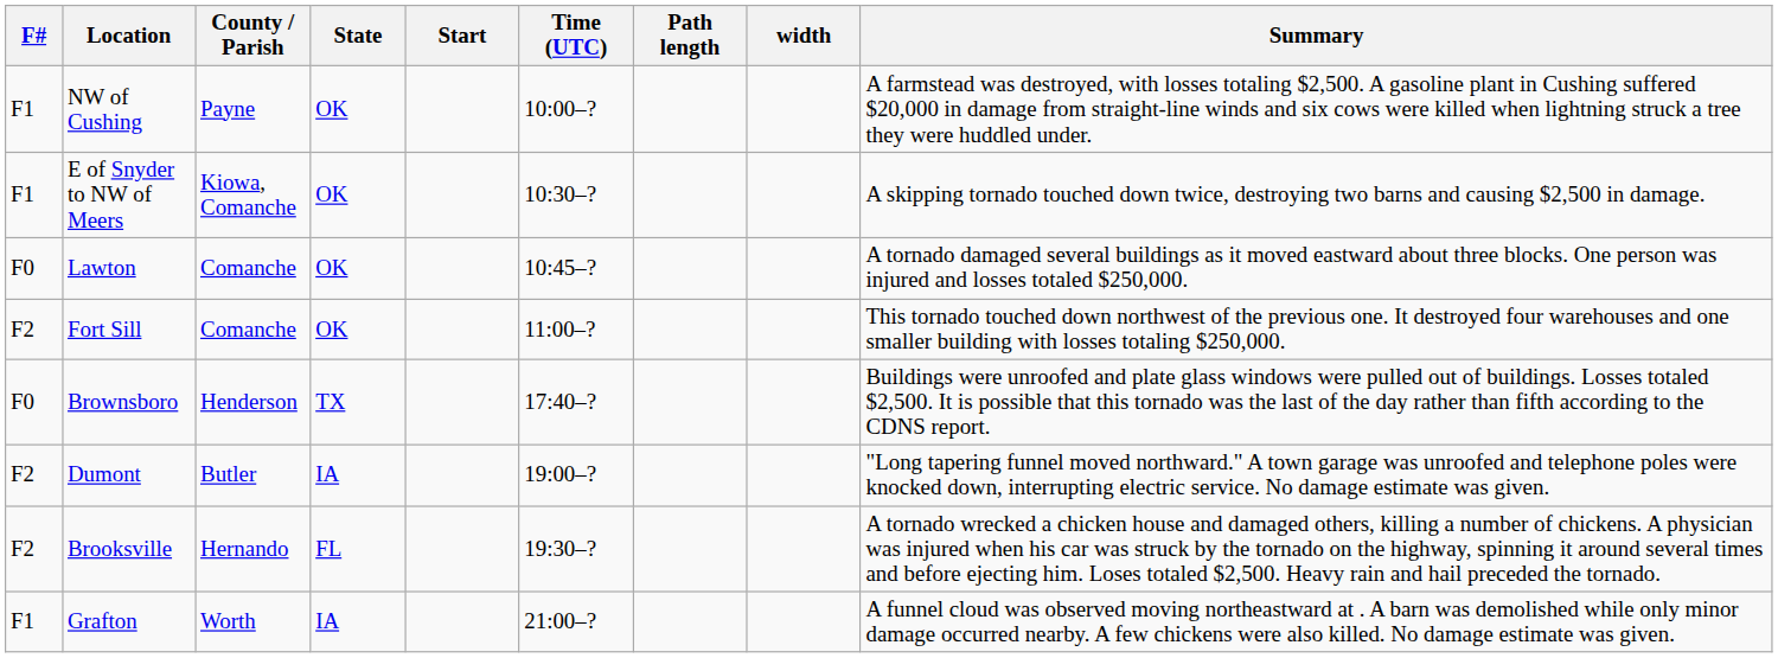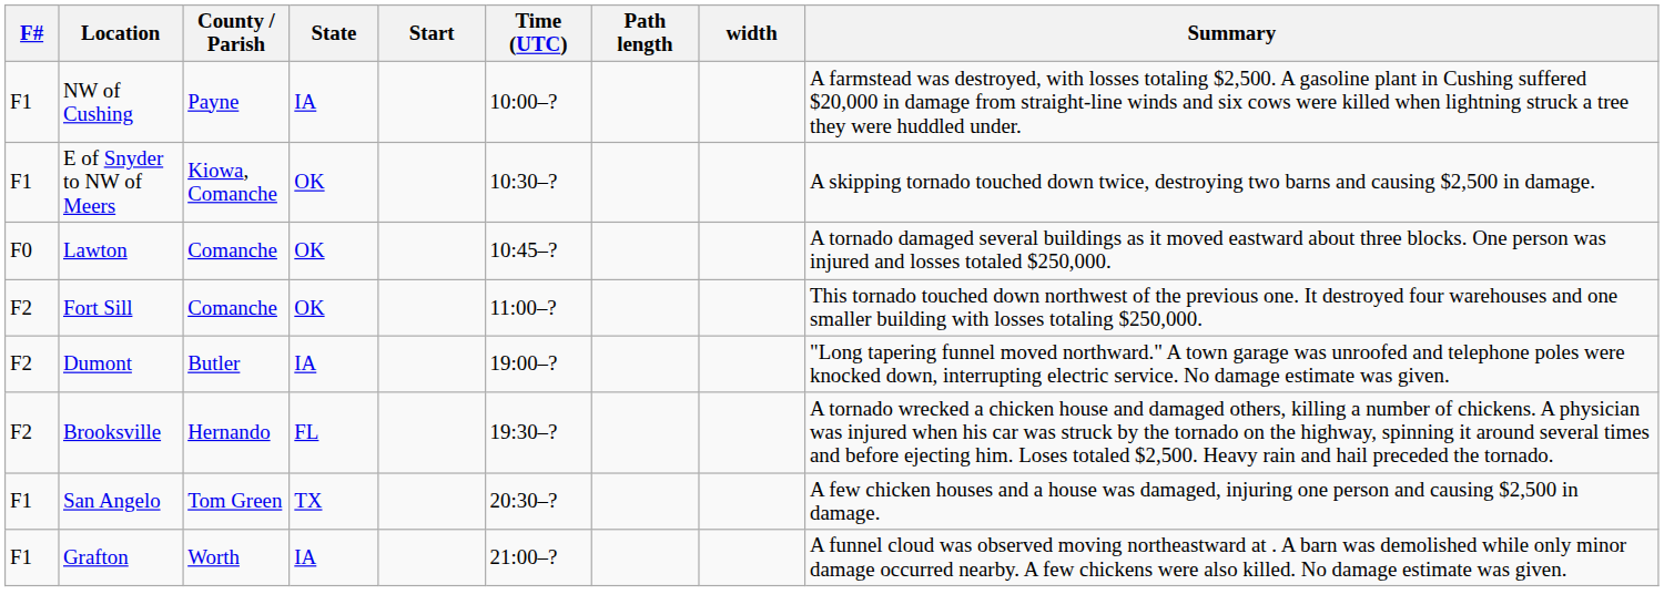 <table class="wikitable sortable" style="width:100%;">
 <tr>
 <th scope="col"  style="width:3%; text-align:center;"><a href='#'>F#</a></th>
 <th scope="col"  style="width:7%; text-align:center;" class="unsortable">Location</th>
 <th scope="col"  style="width:6%; text-align:center;" class="unsortable">County / Parish</th>
 <th scope="col"  style="width:5%; text-align:center;">State</th>
 <th scope="col"  style="width:6%; text-align:center;">Start<br></th>
 <th scope="col"  style="width:6%; text-align:center;">Time (<a href='#'>UTC</a>)</th>
 <th scope="col"  style="width:6%; text-align:center;">Path length</th>
 <th scope="col"  style="width:6%; text-align:center;"> width</th>
 <th scope="col" class="unsortable" style="width:48%; text-align:center;">Summary</th>
 </tr>
 <tr>
 <td>F1</td>
 <td>NW of <a href='#'>Cushing</a></td>
 <td><a href='#'>Payne</a></td>
-<td><a href='#'>OK</a></td>
+<td><a href='#'>IA</a></td>
 <td></td>
 <td>10:00–?</td>
 <td></td>
 <td></td>
 <td>A farmstead was destroyed, with losses totaling $2,500. A gasoline plant in Cushing suffered $20,000 in damage from straight-line winds and six cows were killed when lightning struck a tree they were huddled under.</td>
 </tr>
 <tr>
 <td>F1</td>
 <td>E of <a href='#'>Snyder</a> to NW of <a href='#'>Meers</a></td>
 <td><a href='#'>Kiowa</a>, <a href='#'>Comanche</a></td>
 <td><a href='#'>OK</a></td>
 <td></td>
 <td>10:30–?</td>
 <td></td>
 <td></td>
 <td>A skipping tornado touched down twice, destroying two barns and causing $2,500 in damage.</td>
 </tr>
 <tr>
 <td>F0</td>
 <td><a href='#'>Lawton</a></td>
 <td><a href='#'>Comanche</a></td>
 <td><a href='#'>OK</a></td>
 <td></td>
 <td>10:45–?</td>
 <td></td>
 <td></td>
 <td>A tornado damaged several buildings as it moved eastward about three blocks. One person was injured and losses totaled $250,000.</td>
 </tr>
 <tr>
 <td>F2</td>
 <td><a href='#'>Fort Sill</a></td>
 <td><a href='#'>Comanche</a></td>
 <td><a href='#'>OK</a></td>
 <td></td>
 <td>11:00–?</td>
 <td></td>
 <td></td>
 <td>This tornado touched down northwest of the previous one. It destroyed four warehouses and one smaller building with losses totaling $250,000.</td>
 </tr>
 <tr>
-<td>F0</td>
-<td><a href='#'>Brownsboro</a></td>
-<td><a href='#'>Henderson</a></td>
-<td><a href='#'>TX</a></td>
-<td></td>
-<td>17:40–?</td>
-<td></td>
-<td></td>
-<td>Buildings were unroofed and plate glass windows were pulled out of buildings. Losses totaled $2,500. It is possible that this tornado was the last of the day rather than fifth according to the CDNS report.</td>
-</tr>
-<tr>
 <td>F2</td>
 <td><a href='#'>Dumont</a></td>
 <td><a href='#'>Butler</a></td>
 <td><a href='#'>IA</a></td>
 <td></td>
 <td>19:00–?</td>
 <td></td>
 <td></td>
 <td>"Long tapering funnel moved northward." A town garage was unroofed and telephone poles were knocked down, interrupting electric service. No damage estimate was given.</td>
 </tr>
 <tr>
 <td>F2</td>
 <td><a href='#'>Brooksville</a></td>
 <td><a href='#'>Hernando</a></td>
 <td><a href='#'>FL</a></td>
 <td></td>
 <td>19:30–?</td>
 <td></td>
 <td></td>
 <td>A tornado wrecked a chicken house and damaged others, killing a number of chickens. A physician was injured when his car was struck by the tornado on the highway, spinning it around several times and before ejecting him. Loses totaled $2,500. Heavy rain and hail preceded the tornado.</td>
 </tr>
 <tr>
 <td>F1</td>
+<td><a href='#'>San Angelo</a></td>
+<td><a href='#'>Tom Green</a></td>
+<td><a href='#'>TX</a></td>
+<td></td>
+<td>20:30–?</td>
+<td></td>
+<td></td>
+<td>A few chicken houses and a house was damaged, injuring one person and causing $2,500 in damage.</td>
+</tr>
+<tr>
+<td>F1</td>
 <td><a href='#'>Grafton</a></td>
 <td><a href='#'>Worth</a></td>
 <td><a href='#'>IA</a></td>
 <td></td>
 <td>21:00–?</td>
 <td></td>
 <td></td>
 <td>A funnel cloud was observed moving northeastward at . A barn was demolished while only minor damage occurred nearby. A few chickens were also killed. No damage estimate was given.</td>
 </tr>
 </table>
